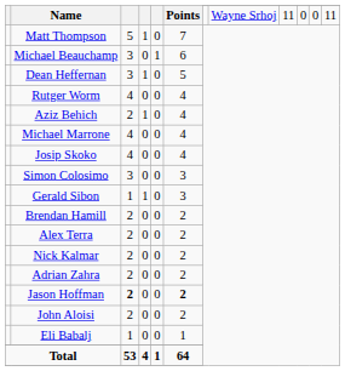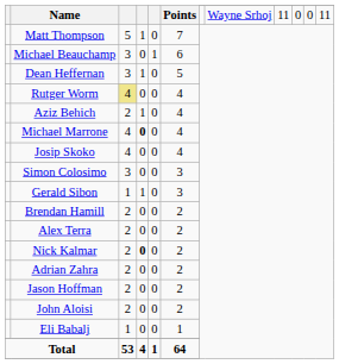 <table class="wikitable sortable" style="text-align:center">
 <tr>
 <th rowspan="2"></th>
 <th rowspan="2">Name</th>
 <th rowspan="2"></th>
 <th rowspan="2"></th>
 <th rowspan="2"></th>
 <th rowspan="2">Points</th>
 </tr>
 <tr>
 <td></td>
 <td><a href='#'>Wayne Srhoj</a></td>
 <td>11</td>
 <td>0</td>
 <td>0</td>
 <td>11</td>
 </tr>
 <tr>
 <td></td>
 <td><a href='#'>Matt Thompson</a></td>
 <td>5</td>
 <td>1</td>
 <td>0</td>
 <td>7</td>
 </tr>
 <tr>
 <td></td>
 <td><a href='#'>Michael Beauchamp</a></td>
 <td>3</td>
 <td>0</td>
 <td>1</td>
 <td>6</td>
 </tr>
 <tr>
 <td></td>
 <td><a href='#'>Dean Heffernan</a></td>
 <td>3</td>
 <td>1</td>
 <td>0</td>
 <td>5</td>
 </tr>
 <tr>
 <td></td>
 <td><a href='#'>Rutger Worm</a></td>
-<td>4</td>
+<td style="background: khaki;">4</td>
 <td>0</td>
 <td>0</td>
 <td>4</td>
 </tr>
 <tr>
 <td></td>
 <td><a href='#'>Aziz Behich</a></td>
 <td>2</td>
 <td>1</td>
 <td>0</td>
 <td>4</td>
 </tr>
 <tr>
 <td></td>
 <td><a href='#'>Michael Marrone</a></td>
 <td>4</td>
-<td>0</td>
+<td><strong>0</strong></td>
 <td>0</td>
 <td>4</td>
 </tr>
 <tr>
 <td></td>
 <td><a href='#'>Josip Skoko</a></td>
 <td>4</td>
 <td>0</td>
 <td>0</td>
 <td>4</td>
 </tr>
 <tr>
 <td></td>
 <td><a href='#'>Simon Colosimo</a></td>
 <td>3</td>
 <td>0</td>
 <td>0</td>
 <td>3</td>
 </tr>
 <tr>
 <td></td>
 <td><a href='#'>Gerald Sibon</a></td>
 <td>1</td>
 <td>1</td>
 <td>0</td>
 <td>3</td>
 </tr>
 <tr>
 <td></td>
 <td><a href='#'>Brendan Hamill</a></td>
 <td>2</td>
 <td>0</td>
 <td>0</td>
 <td>2</td>
 </tr>
 <tr>
 <td></td>
 <td><a href='#'>Alex Terra</a></td>
 <td>2</td>
 <td>0</td>
 <td>0</td>
 <td>2</td>
 </tr>
 <tr>
 <td></td>
 <td><a href='#'>Nick Kalmar</a></td>
 <td>2</td>
-<td>0</td>
+<td><strong>0</strong></td>
 <td>0</td>
 <td>2</td>
 </tr>
 <tr>
 <td></td>
 <td><a href='#'>Adrian Zahra</a></td>
 <td>2</td>
 <td>0</td>
 <td>0</td>
 <td>2</td>
 </tr>
 <tr>
 <td></td>
 <td><a href='#'>Jason Hoffman</a></td>
-<td><strong>2</strong></td>
+<td>2</td>
 <td>0</td>
 <td>0</td>
-<td><strong>2</strong></td>
+<td>2</td>
 </tr>
 <tr>
 <td></td>
 <td><a href='#'>John Aloisi</a></td>
 <td>2</td>
 <td>0</td>
 <td>0</td>
 <td>2</td>
 </tr>
 <tr>
 <td></td>
 <td><a href='#'>Eli Babalj</a></td>
 <td>1</td>
 <td>0</td>
 <td>0</td>
 <td>1</td>
 </tr>
 <tr>
 </tr>
 <tr class="sortbottom">
 <td colspan="2"><strong>Total</strong></td>
 <td><strong>53</strong></td>
 <td><strong>4</strong></td>
 <td><strong>1</strong></td>
 <td><strong>64</strong></td>
 </tr>
 <tr>
 </tr>
 </table>
